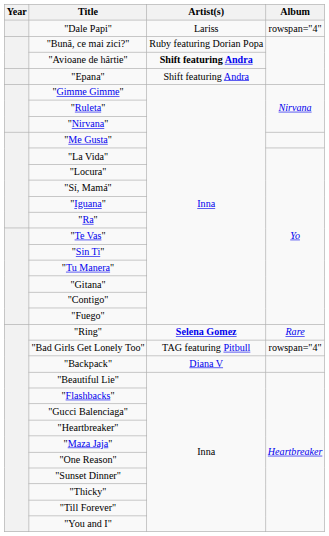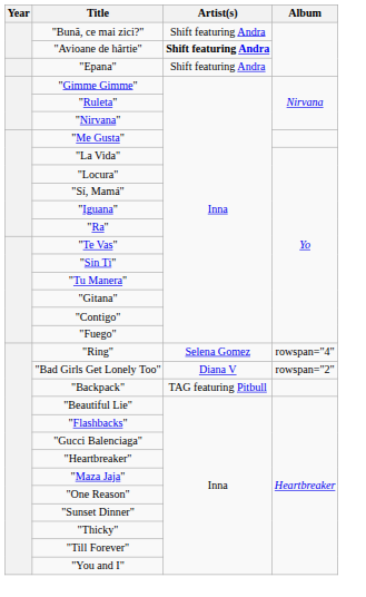 <table class="wikitable plainrowheaders sortable" style="text-align:center">
 <tr>
 <th scope=col class="sortable">Year</th>
 <th scope=col class="sortable">Title</th>
 <th scope=col class="sortable">Artist(s)</th>
 <th scope=col class="sortable">Album</th>
 </tr>
 <tr>
-<th scope="row" rowspan="1"></th>
-<td scope="row">"Dale Papi"</td>
-<td>Lariss</td>
-<td>rowspan="4" </td>
-</tr>
-<tr>
 <th scope="row" rowspan="2"></th>
 <td scope="row">"Bună, ce mai zici?"</td>
-<td>Ruby featuring Dorian Popa</td>
+<td>Shift featuring <a href='#'>Andra</a></td>
 </tr>
 <tr>
 <td scope="row">"Avioane de hârtie"</td>
 <td><strong>Shift featuring <a href='#'>Andra</a></strong></td>
 </tr>
 <tr>
 <th scope="row" rowspan="1"></th>
 <td scope="row">"Epana"</td>
 <td>Shift featuring <a href='#'>Andra</a></td>
 </tr>
 <tr>
 <th scope="row" rowspan="3"></th>
 <td scope="row">"<a href='#'>Gimme Gimme</a>"</td>
 <td rowspan="15"><a href='#'>Inna</a></td>
 <td rowspan="3"><em><a href='#'>Nirvana</a></em></td>
 </tr>
 <tr>
 <td scope="row">"<a href='#'>Ruleta</a>"</td>
 </tr>
 <tr>
 <td scope="row">"<a href='#'>Nirvana</a>"</td>
 </tr>
 <tr>
 <th scope="row" rowspan="6"></th>
 <td scope="row">"<a href='#'>Me Gusta</a>"</td>
 <td></td>
 </tr>
 <tr>
 <td scope="row">"La Vida"</td>
 <td rowspan="11"><em><a href='#'>Yo</a></em></td>
 </tr>
 <tr>
 <td scope="row">"Locura"</td>
 </tr>
 <tr>
 <td scope="row">"Sí, Mamá"</td>
 </tr>
 <tr>
 <td scope="row">"<a href='#'>Iguana</a>"</td>
 </tr>
 <tr>
 <td scope="row">"<a href='#'>Ra</a>"</td>
 </tr>
 <tr>
 <th scope="row" rowspan="6"></th>
 <td scope="row">"<a href='#'>Te Vas</a>"</td>
 </tr>
 <tr>
 <td scope="row">"<a href='#'>Sin Ti</a>"</td>
 </tr>
 <tr>
 <td scope="row">"<a href='#'>Tu Manera</a>"</td>
 </tr>
 <tr>
 <td scope="row">"Gitana"</td>
 </tr>
 <tr>
 <td scope="row">"Contigo"</td>
 </tr>
 <tr>
 <td scope="row">"Fuego"</td>
 </tr>
 <tr>
 <th scope="row" rowspan="13"></th>
 <td scope="row">"Ring"<br></td>
-<td><strong><a href='#'>Selena Gomez</a></strong></td>
-<td><em><a href='#'>Rare</a></em></td>
+<td><a href='#'>Selena Gomez</a></td>
+<td>rowspan="4" </td>
 </tr>
 <tr>
 <td>"Bad Girls Get Lonely Too"</td>
-<td>TAG featuring <a href='#'>Pitbull</a></td>
-<td>rowspan="4" </td>
+<td><a href='#'>Diana V</a></td>
+<td>rowspan="2" </td>
 </tr>
 <tr>
 <td>"Backpack"</td>
-<td><a href='#'>Diana V</a></td>
+<td>TAG featuring <a href='#'>Pitbull</a></td>
 </tr>
 <tr>
 <td scope="row">"Beautiful Lie"</td>
 <td rowspan="10">Inna</td>
 <td rowspan="10"><em><a href='#'>Heartbreaker</a></em></td>
 </tr>
 <tr>
 <td scope="row">"<a href='#'>Flashbacks</a>"</td>
 </tr>
 <tr>
 <td scope="row">"Gucci Balenciaga"</td>
 </tr>
 <tr>
 <td scope="row">"Heartbreaker"</td>
 </tr>
 <tr>
 <td scope="row">"<a href='#'>Maza Jaja</a>"</td>
 </tr>
 <tr>
 <td scope="row">"One Reason"</td>
 </tr>
 <tr>
 <td scope="row">"Sunset Dinner"</td>
 </tr>
 <tr>
 <td scope="row">"Thicky"</td>
 </tr>
 <tr>
 <td scope="row">"Till Forever"</td>
 </tr>
 <tr>
 <td scope="row">"You and I"</td>
 </tr>
 </table>
